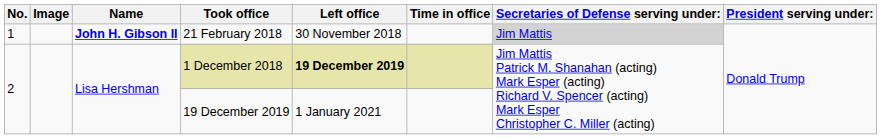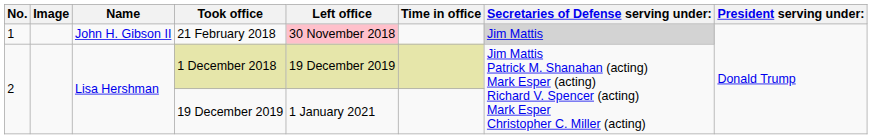 <table class="wikitable sortable">
 <tr>
 <th>No.</th>
 <th>Image</th>
 <th>Name</th>
 <th>Took office</th>
 <th>Left office</th>
 <th>Time in office</th>
 <th><a href='#'>Secretaries of Defense</a> serving under:</th>
 <th><a href='#'>President</a> serving under:</th>
 </tr>
 <tr>
 <td>1</td>
 <td></td>
-<td><strong><a href='#'>John H. Gibson II</a></strong></td>
+<td><a href='#'>John H. Gibson II</a></td>
 <td>21 February 2018</td>
-<td>30 November 2018</td>
+<td style="background: pink;">30 November 2018</td>
 <td></td>
 <td style="background: lightgrey;"><a href='#'>Jim Mattis</a></td>
 <td rowspan="3"><a href='#'>Donald Trump</a></td>
 </tr>
 <tr>
 <td rowspan="2">2</td>
 <td rowspan="2"></td>
 <td rowspan="2"><a href='#'>Lisa Hershman</a></td>
 <td style="background:#e6e6aa;">1 December 2018</td>
-<td style="background:#e6e6aa;"><strong>19 December 2019</strong></td>
+<td style="background:#e6e6aa;">19 December 2019</td>
 <td style="background:#e6e6aa;"></td>
 <td rowspan="2"><a href='#'>Jim Mattis</a><br><a href='#'>Patrick M. Shanahan</a> (acting)<br><a href='#'>Mark Esper</a> (acting)<br><a href='#'>Richard V. Spencer</a> (acting)<br><a href='#'>Mark Esper</a><br><a href='#'>Christopher C. Miller</a> (acting)</td>
 </tr>
 <tr>
 <td>19 December 2019</td>
 <td>1 January 2021</td>
 <td></td>
 </tr>
 </table>
